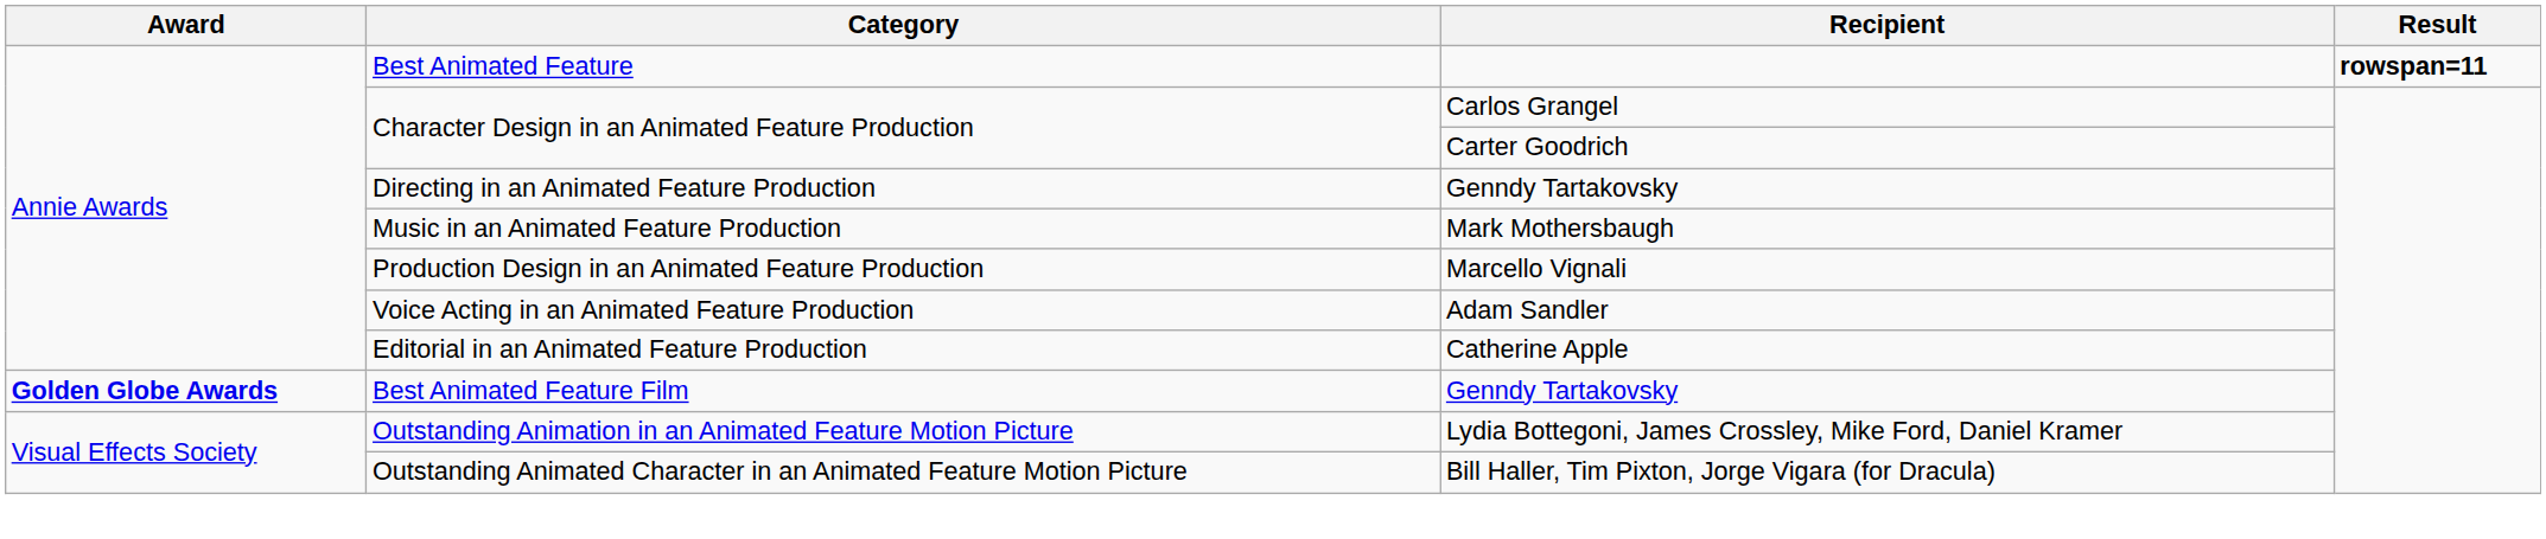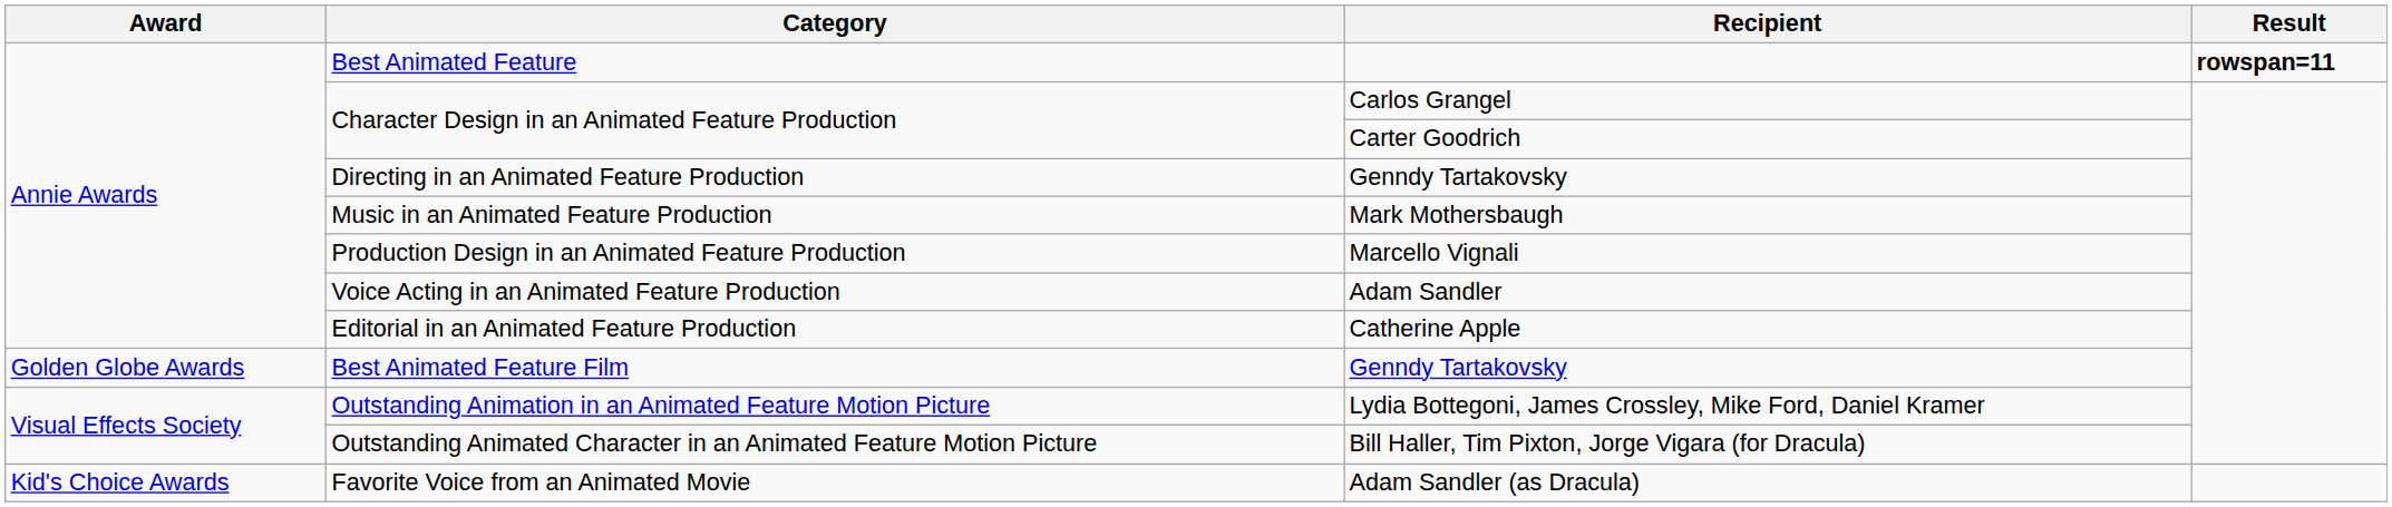 <table class="wikitable" width=100%>
 <tr>
 <th>Award</th>
 <th>Category</th>
 <th>Recipient</th>
 <th>Result</th>
 </tr>
 <tr>
 <td rowspan=8><a href='#'>Annie Awards</a></td>
 <td><a href='#'>Best Animated Feature</a></td>
 <td></td>
 <td><strong>rowspan=11 </strong></td>
 </tr>
 <tr>
 <td rowspan=2>Character Design in an Animated Feature Production</td>
 <td>Carlos Grangel</td>
 </tr>
 <tr>
 <td>Carter Goodrich</td>
 </tr>
 <tr>
 <td>Directing in an Animated Feature Production</td>
 <td>Genndy Tartakovsky</td>
 </tr>
 <tr>
 <td>Music in an Animated Feature Production</td>
 <td>Mark Mothersbaugh</td>
 </tr>
 <tr>
 <td>Production Design in an Animated Feature Production</td>
 <td>Marcello Vignali</td>
 </tr>
 <tr>
 <td>Voice Acting in an Animated Feature Production</td>
 <td>Adam Sandler</td>
 </tr>
 <tr>
 <td>Editorial in an Animated Feature Production</td>
 <td>Catherine Apple</td>
 </tr>
 <tr>
-<td><strong><a href='#'>Golden Globe Awards</a></strong></td>
+<td><a href='#'>Golden Globe Awards</a></td>
 <td><a href='#'>Best Animated Feature Film</a></td>
 <td><a href='#'>Genndy Tartakovsky</a></td>
 </tr>
 <tr>
 <td rowspan=2><a href='#'>Visual Effects Society</a></td>
 <td><a href='#'>Outstanding Animation in an Animated Feature Motion Picture</a></td>
 <td>Lydia Bottegoni, James Crossley, Mike Ford, Daniel Kramer</td>
 </tr>
 <tr>
 <td>Outstanding Animated Character in an Animated Feature Motion Picture</td>
 <td>Bill Haller, Tim Pixton, Jorge Vigara (for Dracula)</td>
 </tr>
+<tr>
+<td><a href='#'>Kid's Choice Awards</a></td>
+<td>Favorite Voice from an Animated Movie</td>
+<td>Adam Sandler (as Dracula)</td>
+<td></td>
+</tr>
 </table>
